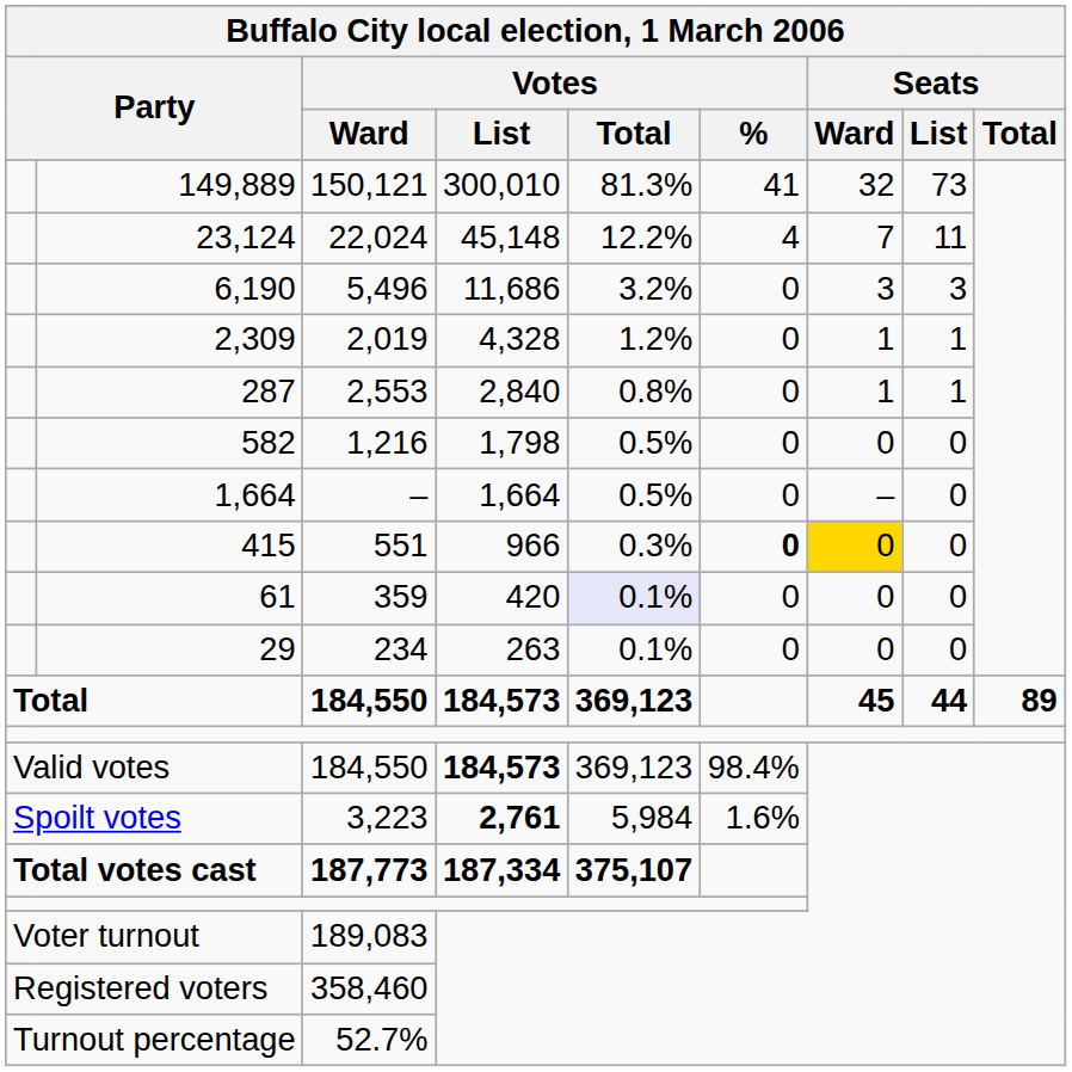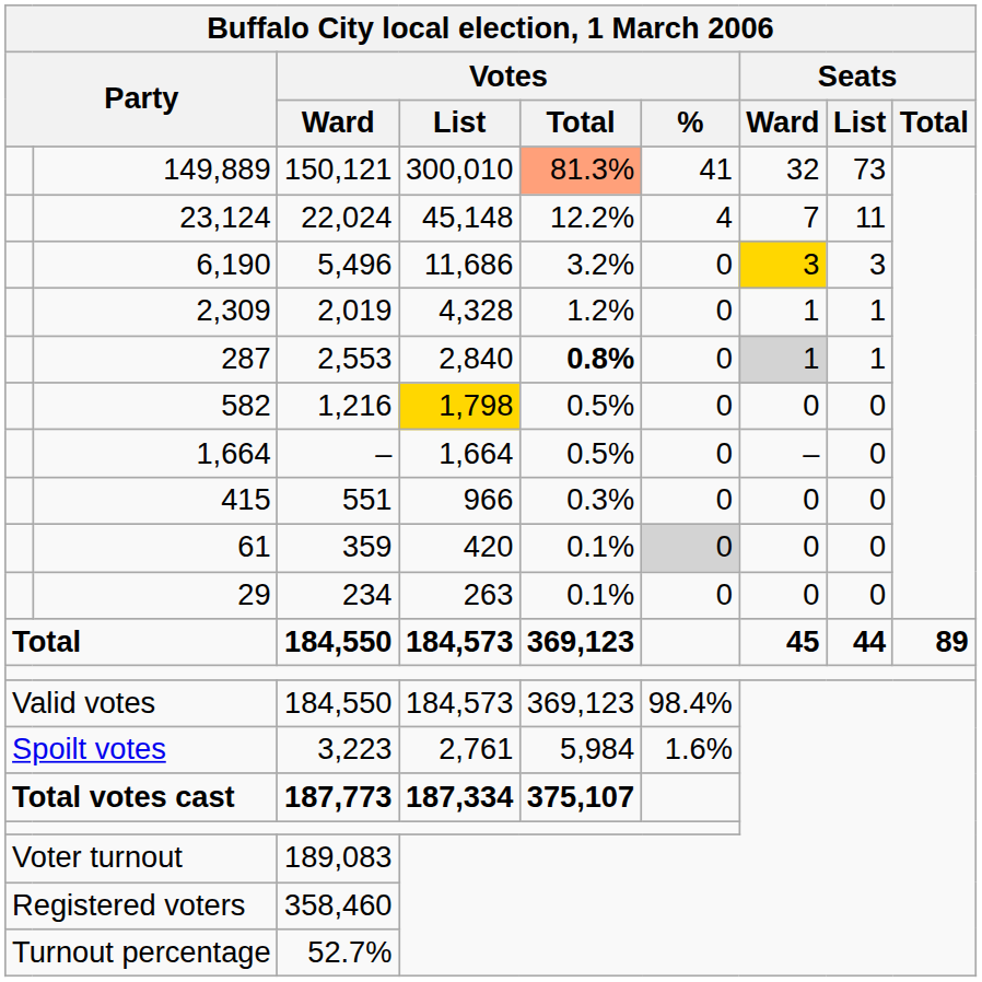 <table class=wikitable style="text-align:right">
 <tr>
 <th colspan="9" align="center">Buffalo City local election, 1 March 2006</th>
 </tr>
 <tr>
 <th rowspan="2" colspan="2">Party</th>
 <th colspan="4" align="center">Votes</th>
 <th colspan="3" align="center">Seats</th>
 </tr>
 <tr>
 <th>Ward</th>
 <th>List</th>
 <th>Total</th>
 <th>%</th>
 <th>Ward</th>
 <th>List</th>
 <th>Total</th>
 </tr>
 <tr>
 <td></td>
 <td>149,889</td>
 <td>150,121</td>
 <td>300,010</td>
-<td>81.3%</td>
+<td style="background: lightsalmon;">81.3%</td>
 <td>41</td>
 <td>32</td>
 <td>73</td>
 </tr>
 <tr>
 <td></td>
 <td>23,124</td>
 <td>22,024</td>
 <td>45,148</td>
 <td>12.2%</td>
 <td>4</td>
 <td>7</td>
 <td>11</td>
 </tr>
 <tr>
 <td></td>
 <td>6,190</td>
 <td>5,496</td>
 <td>11,686</td>
 <td>3.2%</td>
 <td>0</td>
-<td>3</td>
+<td style="background: gold;">3</td>
 <td>3</td>
 </tr>
 <tr>
 <td></td>
 <td>2,309</td>
 <td>2,019</td>
 <td>4,328</td>
 <td>1.2%</td>
 <td>0</td>
 <td>1</td>
 <td>1</td>
 </tr>
 <tr>
 <td></td>
 <td>287</td>
 <td>2,553</td>
 <td>2,840</td>
-<td>0.8%</td>
+<td><strong>0.8%</strong></td>
 <td>0</td>
-<td>1</td>
+<td style="background: lightgrey;">1</td>
 <td>1</td>
 </tr>
 <tr>
 <td></td>
 <td>582</td>
 <td>1,216</td>
-<td>1,798</td>
+<td style="background: gold;">1,798</td>
 <td>0.5%</td>
 <td>0</td>
 <td>0</td>
 <td>0</td>
 </tr>
 <tr>
 <td></td>
 <td>1,664</td>
 <td>–</td>
 <td>1,664</td>
 <td>0.5%</td>
 <td>0</td>
 <td>–</td>
 <td>0</td>
 </tr>
 <tr>
 <td></td>
 <td>415</td>
 <td>551</td>
 <td>966</td>
 <td>0.3%</td>
-<td><strong>0</strong></td>
-<td style="background: gold;">0</td>
+<td>0</td>
+<td>0</td>
 <td>0</td>
 </tr>
 <tr>
 <td></td>
 <td>61</td>
 <td>359</td>
 <td>420</td>
-<td style="background: lavender;">0.1%</td>
-<td>0</td>
+<td>0.1%</td>
+<td style="background: lightgrey;">0</td>
 <td>0</td>
 <td>0</td>
 </tr>
 <tr>
 <td></td>
 <td>29</td>
 <td>234</td>
 <td>263</td>
 <td>0.1%</td>
 <td>0</td>
 <td>0</td>
 <td>0</td>
 </tr>
 <tr>
 <td colspan="2" style="text-align:left"><strong>Total</strong></td>
 <td><strong>184,550</strong></td>
 <td><strong>184,573</strong></td>
 <td><strong>369,123</strong></td>
 <td></td>
 <td><strong>45</strong></td>
 <td><strong>44</strong></td>
 <td><strong>89</strong></td>
 </tr>
 <tr>
 <td colspan="9"></td>
 </tr>
 <tr>
 <td colspan="2" style="text-align:left">Valid votes</td>
 <td>184,550</td>
-<td><strong>184,573</strong></td>
+<td>184,573</td>
 <td>369,123</td>
 <td>98.4%</td>
 </tr>
 <tr>
 <td colspan="2" style="text-align:left"><a href='#'>Spoilt votes</a></td>
 <td>3,223</td>
-<td><strong>2,761</strong></td>
+<td>2,761</td>
 <td>5,984</td>
 <td>1.6%</td>
 </tr>
 <tr>
 <td colspan="2" style="text-align:left"><strong>Total votes cast</strong></td>
 <td><strong>187,773</strong></td>
 <td><strong>187,334</strong></td>
 <td><strong>375,107</strong></td>
 <td></td>
 </tr>
 <tr>
 <td colspan="6"></td>
 </tr>
 <tr>
 <td colspan="2" style="text-align:left">Voter turnout</td>
 <td>189,083</td>
 </tr>
 <tr>
 <td colspan="2" style="text-align:left">Registered voters</td>
 <td>358,460</td>
 </tr>
 <tr>
 <td colspan="2" style="text-align:left">Turnout percentage</td>
 <td>52.7%</td>
 </tr>
 </table>
